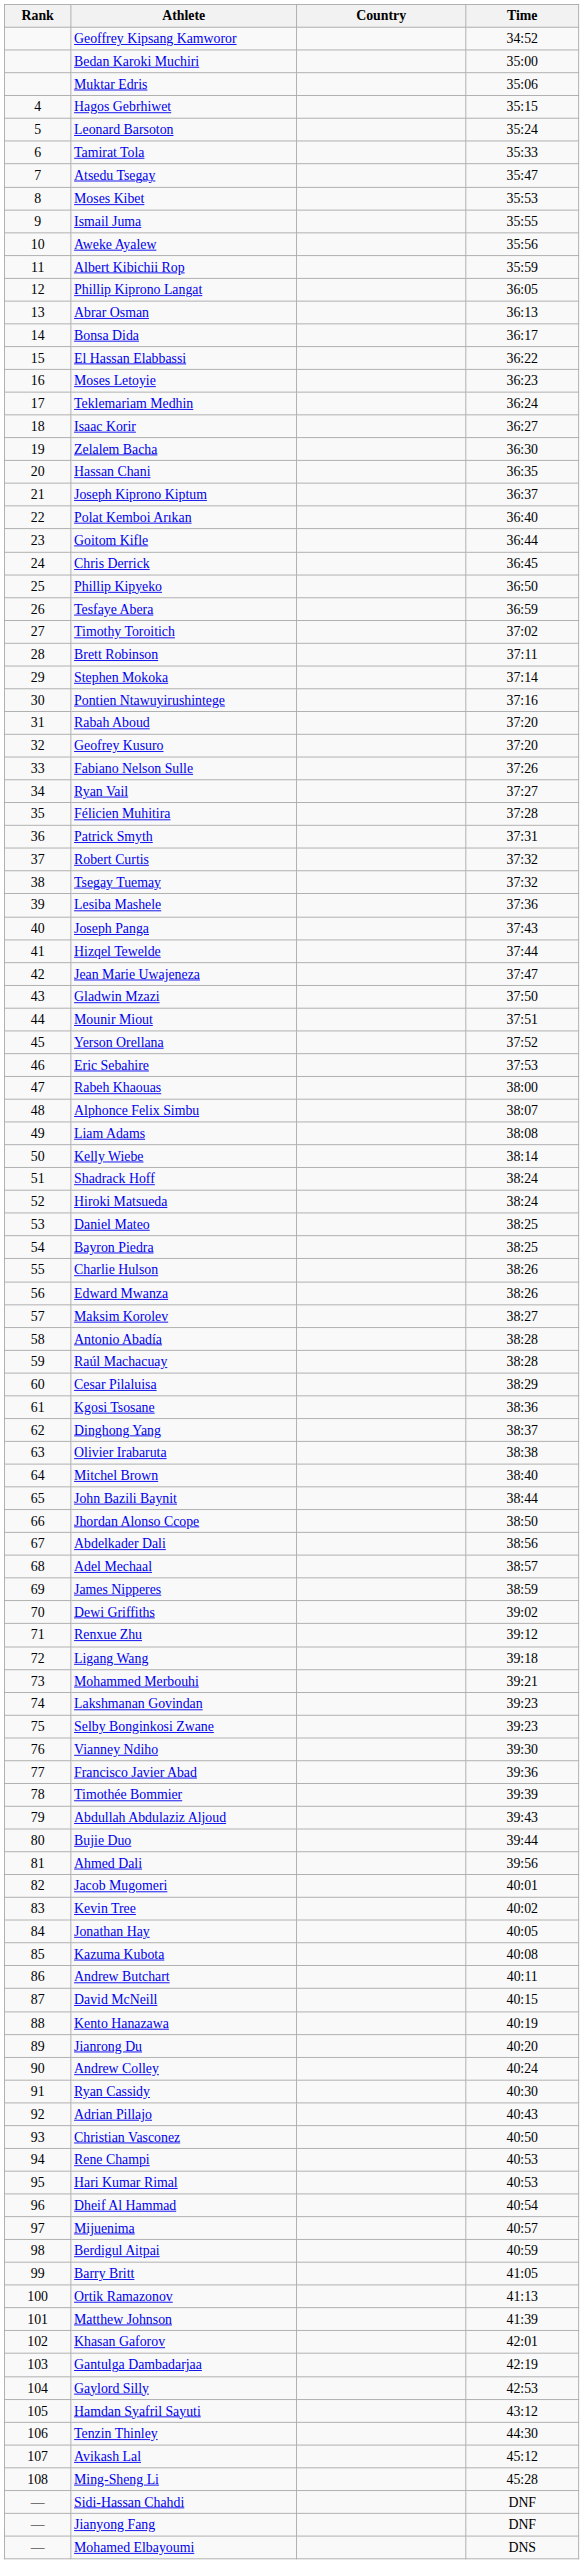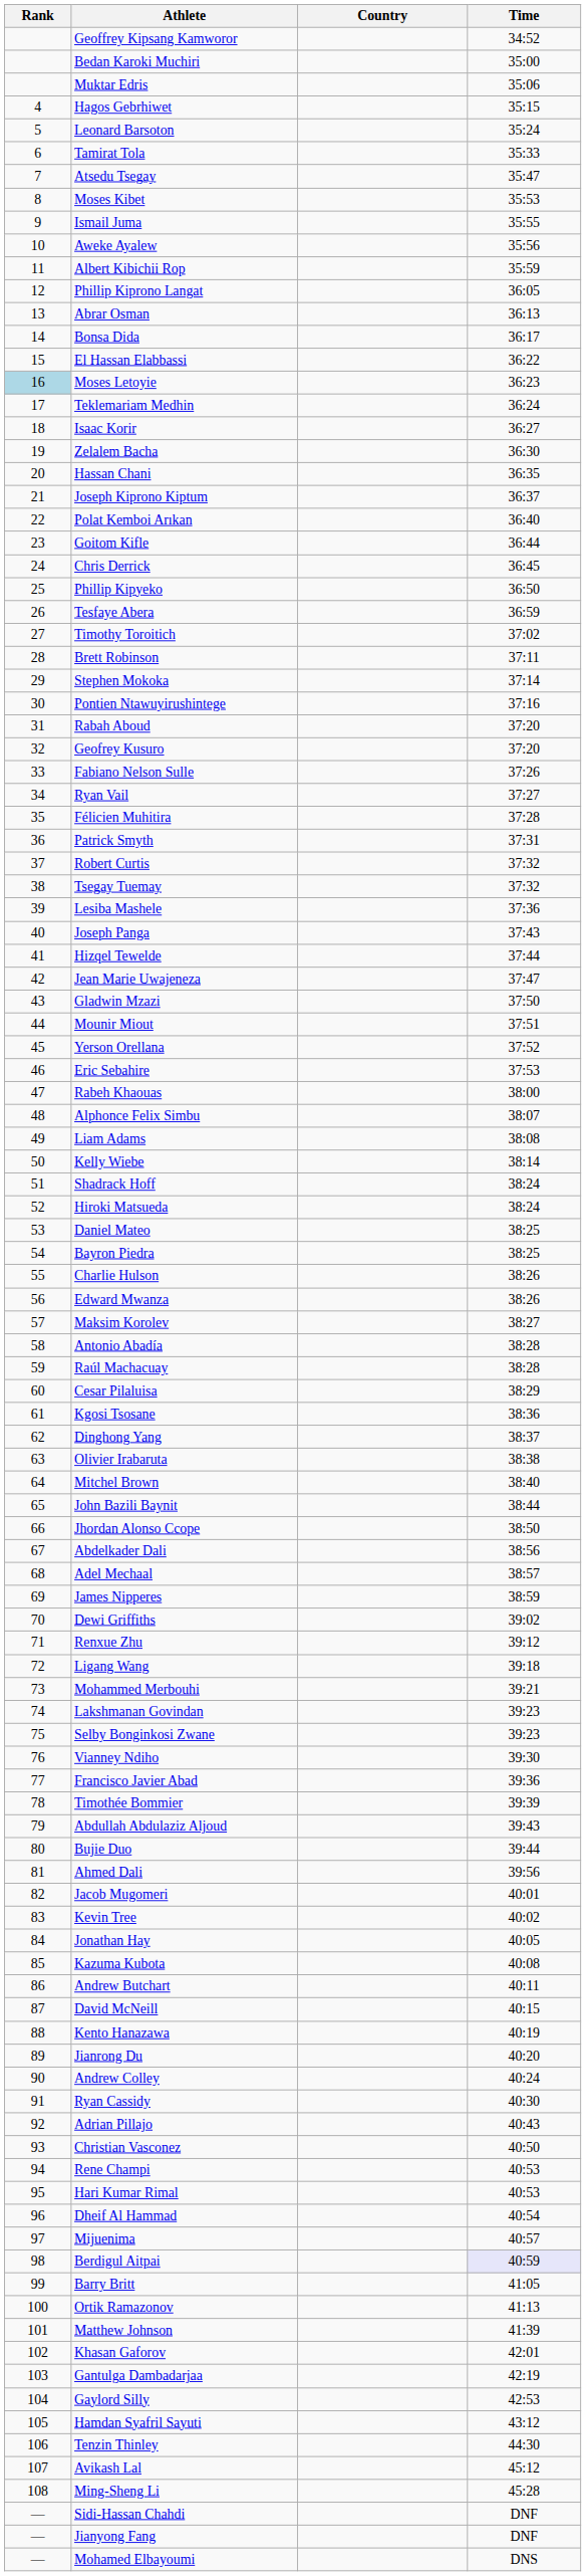 <table class="wikitable sortable" style=" text-align:center; font-size:95%;" width="50%">
 <tr>
 <th width=5%>Rank</th>
 <th width=20%>Athlete</th>
 <th width=15%>Country</th>
 <th width=10%>Time</th>
 </tr>
 <tr>
 <td align=center></td>
 <td align=left><a href='#'>Geoffrey Kipsang Kamworor</a></td>
 <td align=left></td>
 <td>34:52</td>
 </tr>
 <tr>
 <td align=center></td>
 <td align=left><a href='#'>Bedan Karoki Muchiri</a></td>
 <td align=left></td>
 <td>35:00</td>
 </tr>
 <tr>
 <td align=center></td>
 <td align=left><a href='#'>Muktar Edris</a></td>
 <td align=left></td>
 <td>35:06</td>
 </tr>
 <tr>
 <td align=center>4</td>
 <td align=left><a href='#'>Hagos Gebrhiwet</a></td>
 <td align=left></td>
 <td>35:15</td>
 </tr>
 <tr>
 <td align=center>5</td>
 <td align=left><a href='#'>Leonard Barsoton</a></td>
 <td align=left></td>
 <td>35:24</td>
 </tr>
 <tr>
 <td align=center>6</td>
 <td align=left><a href='#'>Tamirat Tola</a></td>
 <td align=left></td>
 <td>35:33</td>
 </tr>
 <tr>
 <td align=center>7</td>
 <td align=left><a href='#'>Atsedu Tsegay</a></td>
 <td align=left></td>
 <td>35:47</td>
 </tr>
 <tr>
 <td align=center>8</td>
 <td align=left><a href='#'>Moses Kibet</a></td>
 <td align=left></td>
 <td>35:53</td>
 </tr>
 <tr>
 <td align=center>9</td>
 <td align=left><a href='#'>Ismail Juma</a></td>
 <td align=left></td>
 <td>35:55</td>
 </tr>
 <tr>
 <td align=center>10</td>
 <td align=left><a href='#'>Aweke Ayalew</a></td>
 <td align=left></td>
 <td>35:56</td>
 </tr>
 <tr>
 <td align=center>11</td>
 <td align=left><a href='#'>Albert Kibichii Rop</a></td>
 <td align=left></td>
 <td>35:59</td>
 </tr>
 <tr>
 <td align=center>12</td>
 <td align=left><a href='#'>Phillip Kiprono Langat</a></td>
 <td align=left></td>
 <td>36:05</td>
 </tr>
 <tr>
 <td align=center>13</td>
 <td align=left><a href='#'>Abrar Osman</a></td>
 <td align=left></td>
 <td>36:13</td>
 </tr>
 <tr>
 <td align=center>14</td>
 <td align=left><a href='#'>Bonsa Dida</a></td>
 <td align=left></td>
 <td>36:17</td>
 </tr>
 <tr>
 <td align=center>15</td>
 <td align=left><a href='#'>El Hassan Elabbassi</a></td>
 <td align=left></td>
 <td>36:22</td>
 </tr>
 <tr>
-<td align=center>16</td>
+<td align=center style="background: lightblue;">16</td>
 <td align=left><a href='#'>Moses Letoyie</a></td>
 <td align=left></td>
 <td>36:23</td>
 </tr>
 <tr>
 <td align=center>17</td>
 <td align=left><a href='#'>Teklemariam Medhin</a></td>
 <td align=left></td>
 <td>36:24</td>
 </tr>
 <tr>
 <td align=center>18</td>
 <td align=left><a href='#'>Isaac Korir</a></td>
 <td align=left></td>
 <td>36:27</td>
 </tr>
 <tr>
 <td align=center>19</td>
 <td align=left><a href='#'>Zelalem Bacha</a></td>
 <td align=left></td>
 <td>36:30</td>
 </tr>
 <tr>
 <td align=center>20</td>
 <td align=left><a href='#'>Hassan Chani</a></td>
 <td align=left></td>
 <td>36:35</td>
 </tr>
 <tr>
 <td align=center>21</td>
 <td align=left><a href='#'>Joseph Kiprono Kiptum</a></td>
 <td align=left></td>
 <td>36:37</td>
 </tr>
 <tr>
 <td align=center>22</td>
 <td align=left><a href='#'>Polat Kemboi Arıkan</a></td>
 <td align=left></td>
 <td>36:40</td>
 </tr>
 <tr>
 <td align=center>23</td>
 <td align=left><a href='#'>Goitom Kifle</a></td>
 <td align=left></td>
 <td>36:44</td>
 </tr>
 <tr>
 <td align=center>24</td>
 <td align=left><a href='#'>Chris Derrick</a></td>
 <td align=left></td>
 <td>36:45</td>
 </tr>
 <tr>
 <td align=center>25</td>
 <td align=left><a href='#'>Phillip Kipyeko</a></td>
 <td align=left></td>
 <td>36:50</td>
 </tr>
 <tr>
 <td align=center>26</td>
 <td align=left><a href='#'>Tesfaye Abera</a></td>
 <td align=left></td>
 <td>36:59</td>
 </tr>
 <tr>
 <td align=center>27</td>
 <td align=left><a href='#'>Timothy Toroitich</a></td>
 <td align=left></td>
 <td>37:02</td>
 </tr>
 <tr>
 <td align=center>28</td>
 <td align=left><a href='#'>Brett Robinson</a></td>
 <td align=left></td>
 <td>37:11</td>
 </tr>
 <tr>
 <td align=center>29</td>
 <td align=left><a href='#'>Stephen Mokoka</a></td>
 <td align=left></td>
 <td>37:14</td>
 </tr>
 <tr>
 <td align=center>30</td>
 <td align=left><a href='#'>Pontien Ntawuyirushintege</a></td>
 <td align=left></td>
 <td>37:16</td>
 </tr>
 <tr>
 <td align=center>31</td>
 <td align=left><a href='#'>Rabah Aboud</a></td>
 <td align=left></td>
 <td>37:20</td>
 </tr>
 <tr>
 <td align=center>32</td>
 <td align=left><a href='#'>Geofrey Kusuro</a></td>
 <td align=left></td>
 <td>37:20</td>
 </tr>
 <tr>
 <td align=center>33</td>
 <td align=left><a href='#'>Fabiano Nelson Sulle</a></td>
 <td align=left></td>
 <td>37:26</td>
 </tr>
 <tr>
 <td align=center>34</td>
 <td align=left><a href='#'>Ryan Vail</a></td>
 <td align=left></td>
 <td>37:27</td>
 </tr>
 <tr>
 <td align=center>35</td>
 <td align=left><a href='#'>Félicien Muhitira</a></td>
 <td align=left></td>
 <td>37:28</td>
 </tr>
 <tr>
 <td align=center>36</td>
 <td align=left><a href='#'>Patrick Smyth</a></td>
 <td align=left></td>
 <td>37:31</td>
 </tr>
 <tr>
 <td align=center>37</td>
 <td align=left><a href='#'>Robert Curtis</a></td>
 <td align=left></td>
 <td>37:32</td>
 </tr>
 <tr>
 <td align=center>38</td>
 <td align=left><a href='#'>Tsegay Tuemay</a></td>
 <td align=left></td>
 <td>37:32</td>
 </tr>
 <tr>
 <td align=center>39</td>
 <td align=left><a href='#'>Lesiba Mashele</a></td>
 <td align=left></td>
 <td>37:36</td>
 </tr>
 <tr>
 <td align=center>40</td>
 <td align=left><a href='#'>Joseph Panga</a></td>
 <td align=left></td>
 <td>37:43</td>
 </tr>
 <tr>
 <td align=center>41</td>
 <td align=left><a href='#'>Hizqel Tewelde</a></td>
 <td align=left></td>
 <td>37:44</td>
 </tr>
 <tr>
 <td align=center>42</td>
 <td align=left><a href='#'>Jean Marie Uwajeneza</a></td>
 <td align=left></td>
 <td>37:47</td>
 </tr>
 <tr>
 <td align=center>43</td>
 <td align=left><a href='#'>Gladwin Mzazi</a></td>
 <td align=left></td>
 <td>37:50</td>
 </tr>
 <tr>
 <td align=center>44</td>
 <td align=left><a href='#'>Mounir Miout</a></td>
 <td align=left></td>
 <td>37:51</td>
 </tr>
 <tr>
 <td align=center>45</td>
 <td align=left><a href='#'>Yerson Orellana</a></td>
 <td align=left></td>
 <td>37:52</td>
 </tr>
 <tr>
 <td align=center>46</td>
 <td align=left><a href='#'>Eric Sebahire</a></td>
 <td align=left></td>
 <td>37:53</td>
 </tr>
 <tr>
 <td align=center>47</td>
 <td align=left><a href='#'>Rabeh Khaouas</a></td>
 <td align=left></td>
 <td>38:00</td>
 </tr>
 <tr>
 <td align=center>48</td>
 <td align=left><a href='#'>Alphonce Felix Simbu</a></td>
 <td align=left></td>
 <td>38:07</td>
 </tr>
 <tr>
 <td align=center>49</td>
 <td align=left><a href='#'>Liam Adams</a></td>
 <td align=left></td>
 <td>38:08</td>
 </tr>
 <tr>
 <td align=center>50</td>
 <td align=left><a href='#'>Kelly Wiebe</a></td>
 <td align=left></td>
 <td>38:14</td>
 </tr>
 <tr>
 <td align=center>51</td>
 <td align=left><a href='#'>Shadrack Hoff</a></td>
 <td align=left></td>
 <td>38:24</td>
 </tr>
 <tr>
 <td align=center>52</td>
 <td align=left><a href='#'>Hiroki Matsueda</a></td>
 <td align=left></td>
 <td>38:24</td>
 </tr>
 <tr>
 <td align=center>53</td>
 <td align=left><a href='#'>Daniel Mateo</a></td>
 <td align=left></td>
 <td>38:25</td>
 </tr>
 <tr>
 <td align=center>54</td>
 <td align=left><a href='#'>Bayron Piedra</a></td>
 <td align=left></td>
 <td>38:25</td>
 </tr>
 <tr>
 <td align=center>55</td>
 <td align=left><a href='#'>Charlie Hulson</a></td>
 <td align=left></td>
 <td>38:26</td>
 </tr>
 <tr>
 <td align=center>56</td>
 <td align=left><a href='#'>Edward Mwanza</a></td>
 <td align=left></td>
 <td>38:26</td>
 </tr>
 <tr>
 <td align=center>57</td>
 <td align=left><a href='#'>Maksim Korolev</a></td>
 <td align=left></td>
 <td>38:27</td>
 </tr>
 <tr>
 <td align=center>58</td>
 <td align=left><a href='#'>Antonio Abadía</a></td>
 <td align=left></td>
 <td>38:28</td>
 </tr>
 <tr>
 <td align=center>59</td>
 <td align=left><a href='#'>Raúl Machacuay</a></td>
 <td align=left></td>
 <td>38:28</td>
 </tr>
 <tr>
 <td align=center>60</td>
 <td align=left><a href='#'>Cesar Pilaluisa</a></td>
 <td align=left></td>
 <td>38:29</td>
 </tr>
 <tr>
 <td align=center>61</td>
 <td align=left><a href='#'>Kgosi Tsosane</a></td>
 <td align=left></td>
 <td>38:36</td>
 </tr>
 <tr>
 <td align=center>62</td>
 <td align=left><a href='#'>Dinghong Yang</a></td>
 <td align=left></td>
 <td>38:37</td>
 </tr>
 <tr>
 <td align=center>63</td>
 <td align=left><a href='#'>Olivier Irabaruta</a></td>
 <td align=left></td>
 <td>38:38</td>
 </tr>
 <tr>
 <td align=center>64</td>
 <td align=left><a href='#'>Mitchel Brown</a></td>
 <td align=left></td>
 <td>38:40</td>
 </tr>
 <tr>
 <td align=center>65</td>
 <td align=left><a href='#'>John Bazili Baynit</a></td>
 <td align=left></td>
 <td>38:44</td>
 </tr>
 <tr>
 <td align=center>66</td>
 <td align=left><a href='#'>Jhordan Alonso Ccope</a></td>
 <td align=left></td>
 <td>38:50</td>
 </tr>
 <tr>
 <td align=center>67</td>
 <td align=left><a href='#'>Abdelkader Dali</a></td>
 <td align=left></td>
 <td>38:56</td>
 </tr>
 <tr>
 <td align=center>68</td>
 <td align=left><a href='#'>Adel Mechaal</a></td>
 <td align=left></td>
 <td>38:57</td>
 </tr>
 <tr>
 <td align=center>69</td>
 <td align=left><a href='#'>James Nipperes</a></td>
 <td align=left></td>
 <td>38:59</td>
 </tr>
 <tr>
 <td align=center>70</td>
 <td align=left><a href='#'>Dewi Griffiths</a></td>
 <td align=left></td>
 <td>39:02</td>
 </tr>
 <tr>
 <td align=center>71</td>
 <td align=left><a href='#'>Renxue Zhu</a></td>
 <td align=left></td>
 <td>39:12</td>
 </tr>
 <tr>
 <td align=center>72</td>
 <td align=left><a href='#'>Ligang Wang</a></td>
 <td align=left></td>
 <td>39:18</td>
 </tr>
 <tr>
 <td align=center>73</td>
 <td align=left><a href='#'>Mohammed Merbouhi</a></td>
 <td align=left></td>
 <td>39:21</td>
 </tr>
 <tr>
 <td align=center>74</td>
 <td align=left><a href='#'>Lakshmanan Govindan</a></td>
 <td align=left></td>
 <td>39:23</td>
 </tr>
 <tr>
 <td align=center>75</td>
 <td align=left><a href='#'>Selby Bonginkosi Zwane</a></td>
 <td align=left></td>
 <td>39:23</td>
 </tr>
 <tr>
 <td align=center>76</td>
 <td align=left><a href='#'>Vianney Ndiho</a></td>
 <td align=left></td>
 <td>39:30</td>
 </tr>
 <tr>
 <td align=center>77</td>
 <td align=left><a href='#'>Francisco Javier Abad</a></td>
 <td align=left></td>
 <td>39:36</td>
 </tr>
 <tr>
 <td align=center>78</td>
 <td align=left><a href='#'>Timothée Bommier</a></td>
 <td align=left></td>
 <td>39:39</td>
 </tr>
 <tr>
 <td align=center>79</td>
 <td align=left><a href='#'>Abdullah Abdulaziz Aljoud</a></td>
 <td align=left></td>
 <td>39:43</td>
 </tr>
 <tr>
 <td align=center>80</td>
 <td align=left><a href='#'>Bujie Duo</a></td>
 <td align=left></td>
 <td>39:44</td>
 </tr>
 <tr>
 <td align=center>81</td>
 <td align=left><a href='#'>Ahmed Dali</a></td>
 <td align=left></td>
 <td>39:56</td>
 </tr>
 <tr>
 <td align=center>82</td>
 <td align=left><a href='#'>Jacob Mugomeri</a></td>
 <td align=left></td>
 <td>40:01</td>
 </tr>
 <tr>
 <td align=center>83</td>
 <td align=left><a href='#'>Kevin Tree</a></td>
 <td align=left></td>
 <td>40:02</td>
 </tr>
 <tr>
 <td align=center>84</td>
 <td align=left><a href='#'>Jonathan Hay</a></td>
 <td align=left></td>
 <td>40:05</td>
 </tr>
 <tr>
 <td align=center>85</td>
 <td align=left><a href='#'>Kazuma Kubota</a></td>
 <td align=left></td>
 <td>40:08</td>
 </tr>
 <tr>
 <td align=center>86</td>
 <td align=left><a href='#'>Andrew Butchart</a></td>
 <td align=left></td>
 <td>40:11</td>
 </tr>
 <tr>
 <td align=center>87</td>
 <td align=left><a href='#'>David McNeill</a></td>
 <td align=left></td>
 <td>40:15</td>
 </tr>
 <tr>
 <td align=center>88</td>
 <td align=left><a href='#'>Kento Hanazawa</a></td>
 <td align=left></td>
 <td>40:19</td>
 </tr>
 <tr>
 <td align=center>89</td>
 <td align=left><a href='#'>Jianrong Du</a></td>
 <td align=left></td>
 <td>40:20</td>
 </tr>
 <tr>
 <td align=center>90</td>
 <td align=left><a href='#'>Andrew Colley</a></td>
 <td align=left></td>
 <td>40:24</td>
 </tr>
 <tr>
 <td align=center>91</td>
 <td align=left><a href='#'>Ryan Cassidy</a></td>
 <td align=left></td>
 <td>40:30</td>
 </tr>
 <tr>
 <td align=center>92</td>
 <td align=left><a href='#'>Adrian Pillajo</a></td>
 <td align=left></td>
 <td>40:43</td>
 </tr>
 <tr>
 <td align=center>93</td>
 <td align=left><a href='#'>Christian Vasconez</a></td>
 <td align=left></td>
 <td>40:50</td>
 </tr>
 <tr>
 <td align=center>94</td>
 <td align=left><a href='#'>Rene Champi</a></td>
 <td align=left></td>
 <td>40:53</td>
 </tr>
 <tr>
 <td align=center>95</td>
 <td align=left><a href='#'>Hari Kumar Rimal</a></td>
 <td align=left></td>
 <td>40:53</td>
 </tr>
 <tr>
 <td align=center>96</td>
 <td align=left><a href='#'>Dheif Al Hammad</a></td>
 <td align=left></td>
 <td>40:54</td>
 </tr>
 <tr>
 <td align=center>97</td>
 <td align=left><a href='#'>Mijuenima</a></td>
 <td align=left></td>
 <td>40:57</td>
 </tr>
 <tr>
 <td align=center>98</td>
 <td align=left><a href='#'>Berdigul Aitpai</a></td>
 <td align=left></td>
-<td>40:59</td>
+<td style="background: lavender;">40:59</td>
 </tr>
 <tr>
 <td align=center>99</td>
 <td align=left><a href='#'>Barry Britt</a></td>
 <td align=left></td>
 <td>41:05</td>
 </tr>
 <tr>
 <td align=center>100</td>
 <td align=left><a href='#'>Ortik Ramazonov</a></td>
 <td align=left></td>
 <td>41:13</td>
 </tr>
 <tr>
 <td align=center>101</td>
 <td align=left><a href='#'>Matthew Johnson</a></td>
 <td align=left></td>
 <td>41:39</td>
 </tr>
 <tr>
 <td align=center>102</td>
 <td align=left><a href='#'>Khasan Gaforov</a></td>
 <td align=left></td>
 <td>42:01</td>
 </tr>
 <tr>
 <td align=center>103</td>
 <td align=left><a href='#'>Gantulga Dambadarjaa</a></td>
 <td align=left></td>
 <td>42:19</td>
 </tr>
 <tr>
 <td align=center>104</td>
 <td align=left><a href='#'>Gaylord Silly</a></td>
 <td align=left></td>
 <td>42:53</td>
 </tr>
 <tr>
 <td align=center>105</td>
 <td align=left><a href='#'>Hamdan Syafril Sayuti</a></td>
 <td align=left></td>
 <td>43:12</td>
 </tr>
 <tr>
 <td align=center>106</td>
 <td align=left><a href='#'>Tenzin Thinley</a></td>
 <td align=left></td>
 <td>44:30</td>
 </tr>
 <tr>
 <td align=center>107</td>
 <td align=left><a href='#'>Avikash Lal</a></td>
 <td align=left></td>
 <td>45:12</td>
 </tr>
 <tr>
 <td align=center>108</td>
 <td align=left><a href='#'>Ming-Sheng Li</a></td>
 <td align=left></td>
 <td>45:28</td>
 </tr>
 <tr>
 <td align=center>—</td>
 <td align=left><a href='#'>Sidi-Hassan Chahdi</a></td>
 <td align=left></td>
 <td>DNF</td>
 </tr>
 <tr>
 <td align=center>—</td>
 <td align=left><a href='#'>Jianyong Fang</a></td>
 <td align=left></td>
 <td>DNF</td>
 </tr>
 <tr>
 <td align=center>—</td>
 <td align=left><a href='#'>Mohamed Elbayoumi</a></td>
 <td align=left></td>
 <td>DNS</td>
 </tr>
 </table>
